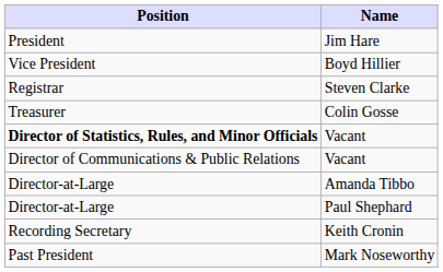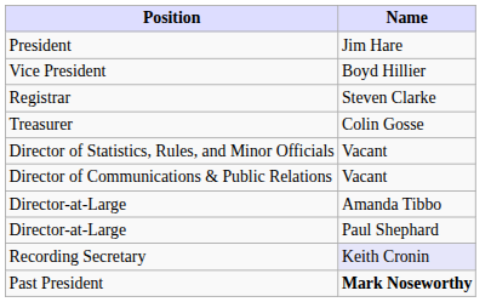 <table class="wikitable">
 <tr>
 <th style="background:#ddf;">Position</th>
 <th style="background:#ddf;">Name</th>
 </tr>
 <tr>
 <td>President</td>
 <td>Jim Hare</td>
 </tr>
 <tr>
 <td>Vice President</td>
 <td>Boyd Hillier</td>
 </tr>
 <tr>
 <td>Registrar</td>
 <td>Steven Clarke</td>
 </tr>
 <tr>
 <td>Treasurer</td>
 <td>Colin Gosse</td>
 </tr>
 <tr>
-<td><strong>Director of Statistics, Rules, and Minor Officials</strong></td>
+<td>Director of Statistics, Rules, and Minor Officials</td>
 <td>Vacant</td>
 </tr>
 <tr>
 <td>Director of Communications & Public Relations</td>
 <td>Vacant</td>
 </tr>
 <tr>
 <td>Director-at-Large</td>
 <td>Amanda Tibbo</td>
 </tr>
 <tr>
 <td>Director-at-Large</td>
 <td>Paul Shephard</td>
 </tr>
 <tr>
 <td>Recording Secretary</td>
-<td>Keith Cronin</td>
+<td style="background: lavender;">Keith Cronin</td>
 </tr>
 <tr>
 <td>Past President</td>
-<td>Mark Noseworthy</td>
+<td><strong>Mark Noseworthy</strong></td>
 </tr>
 </table>
